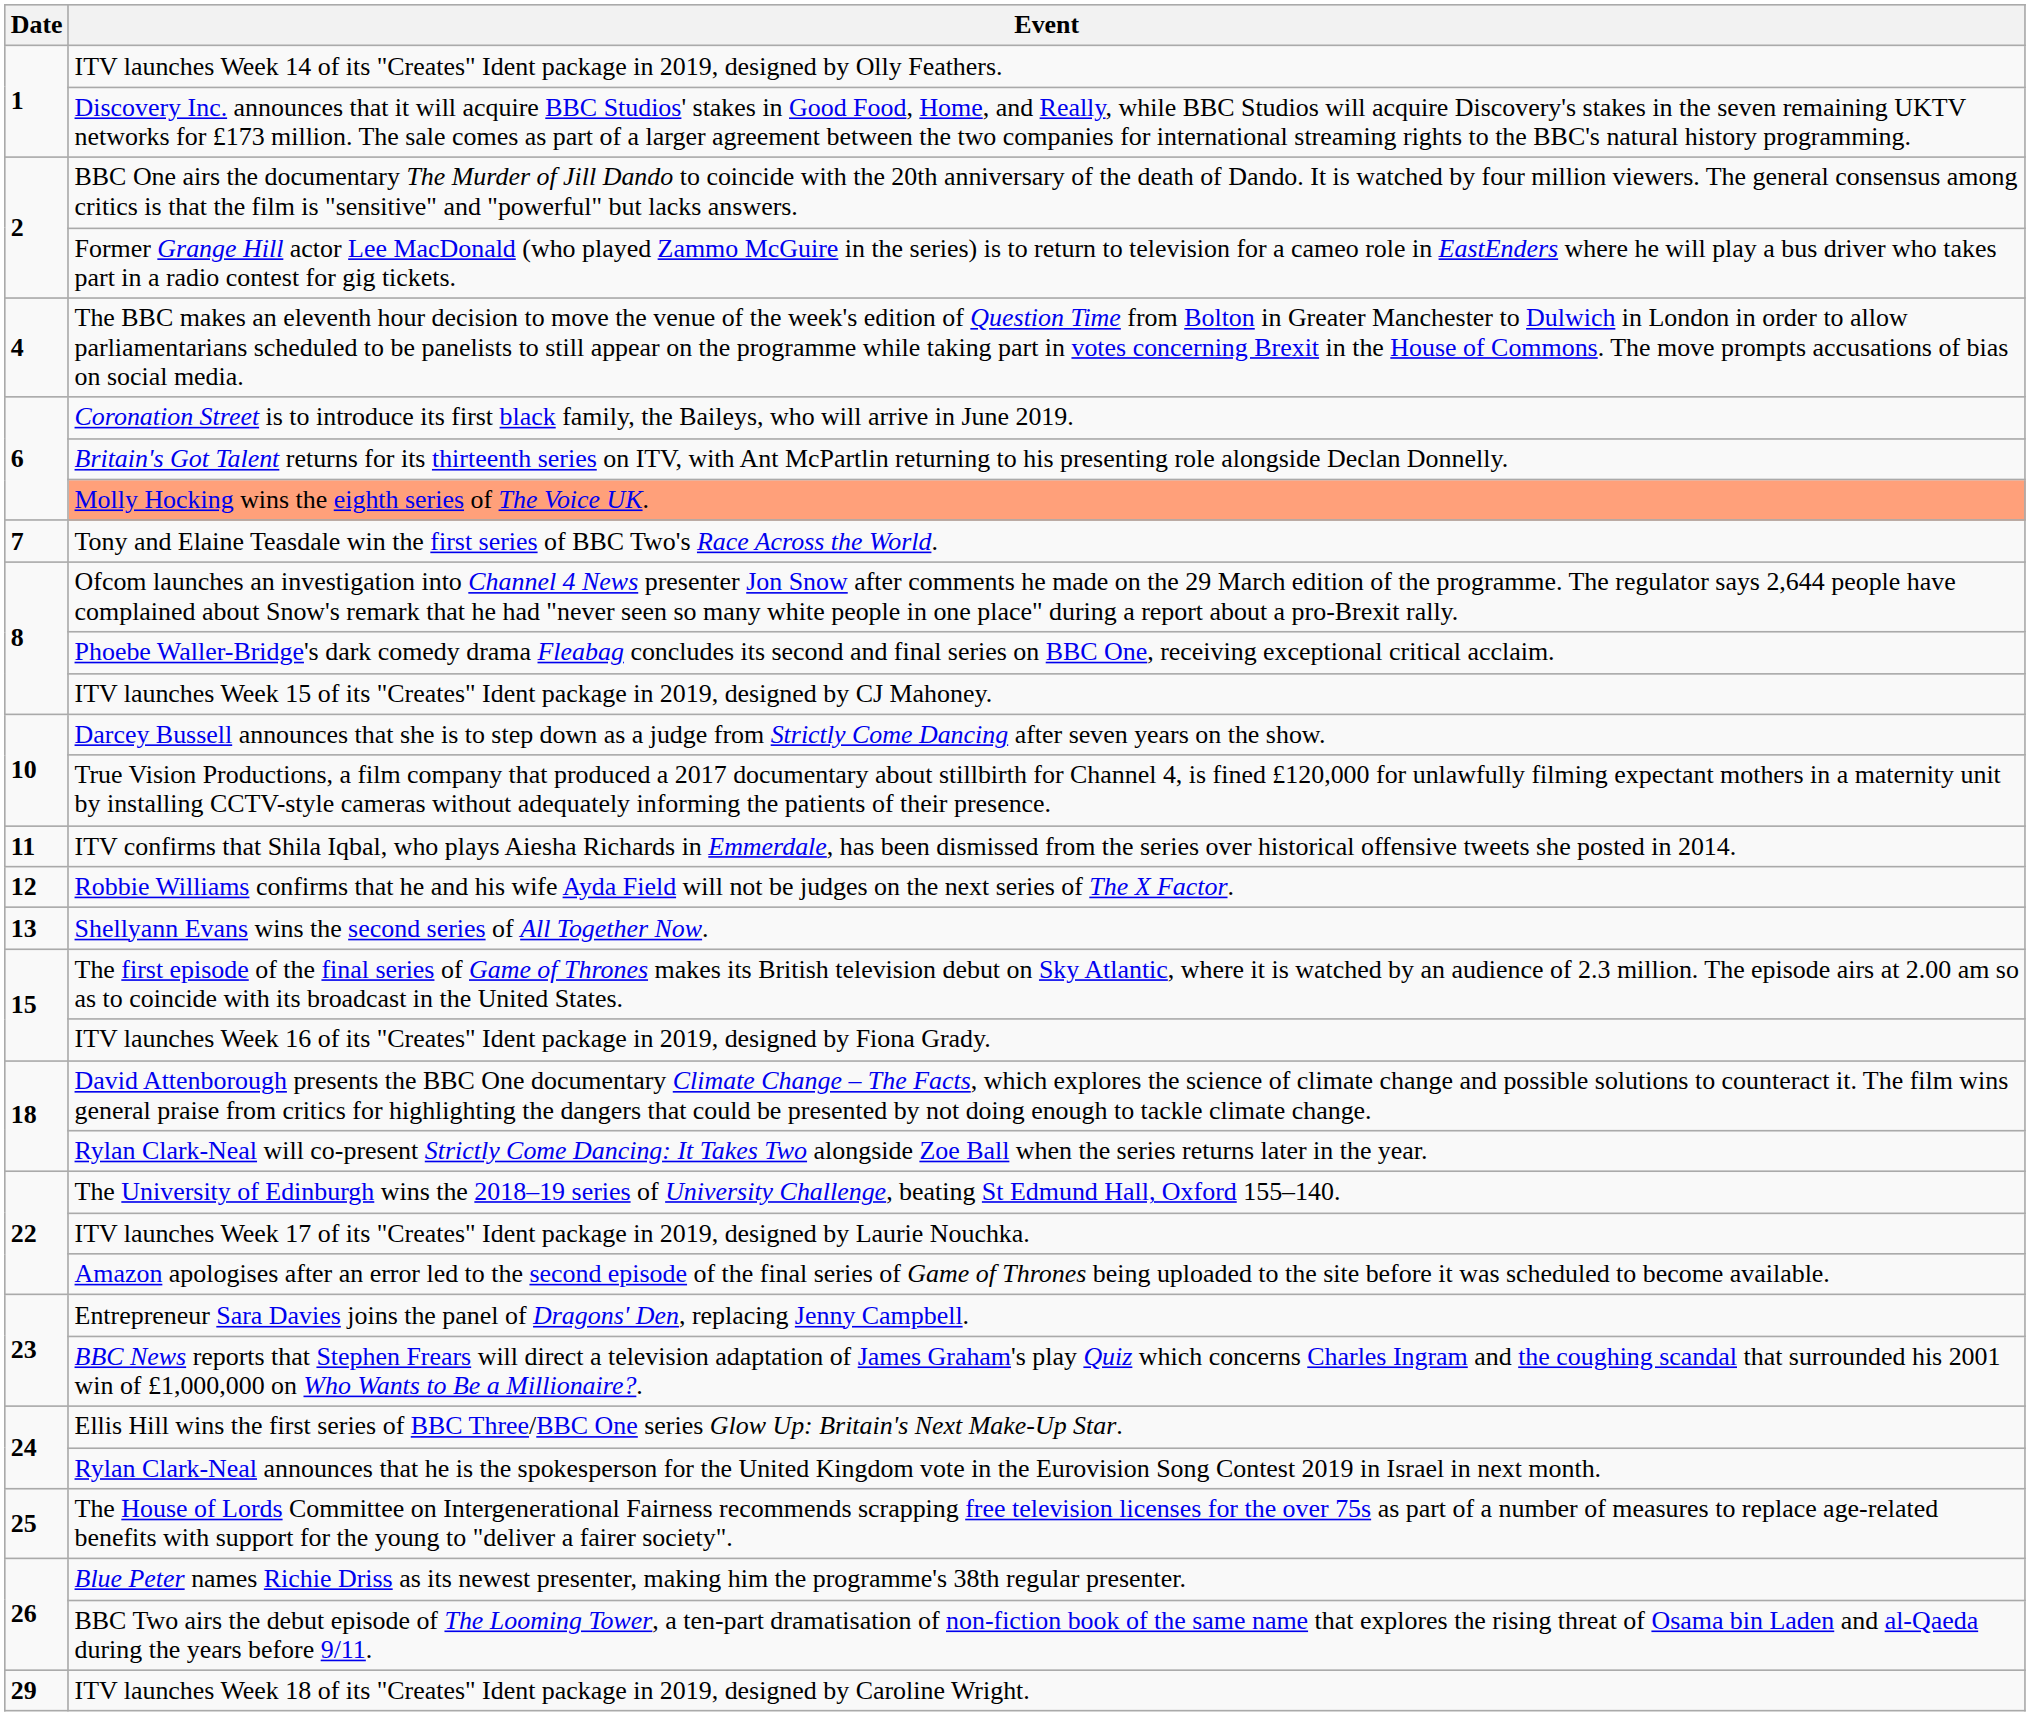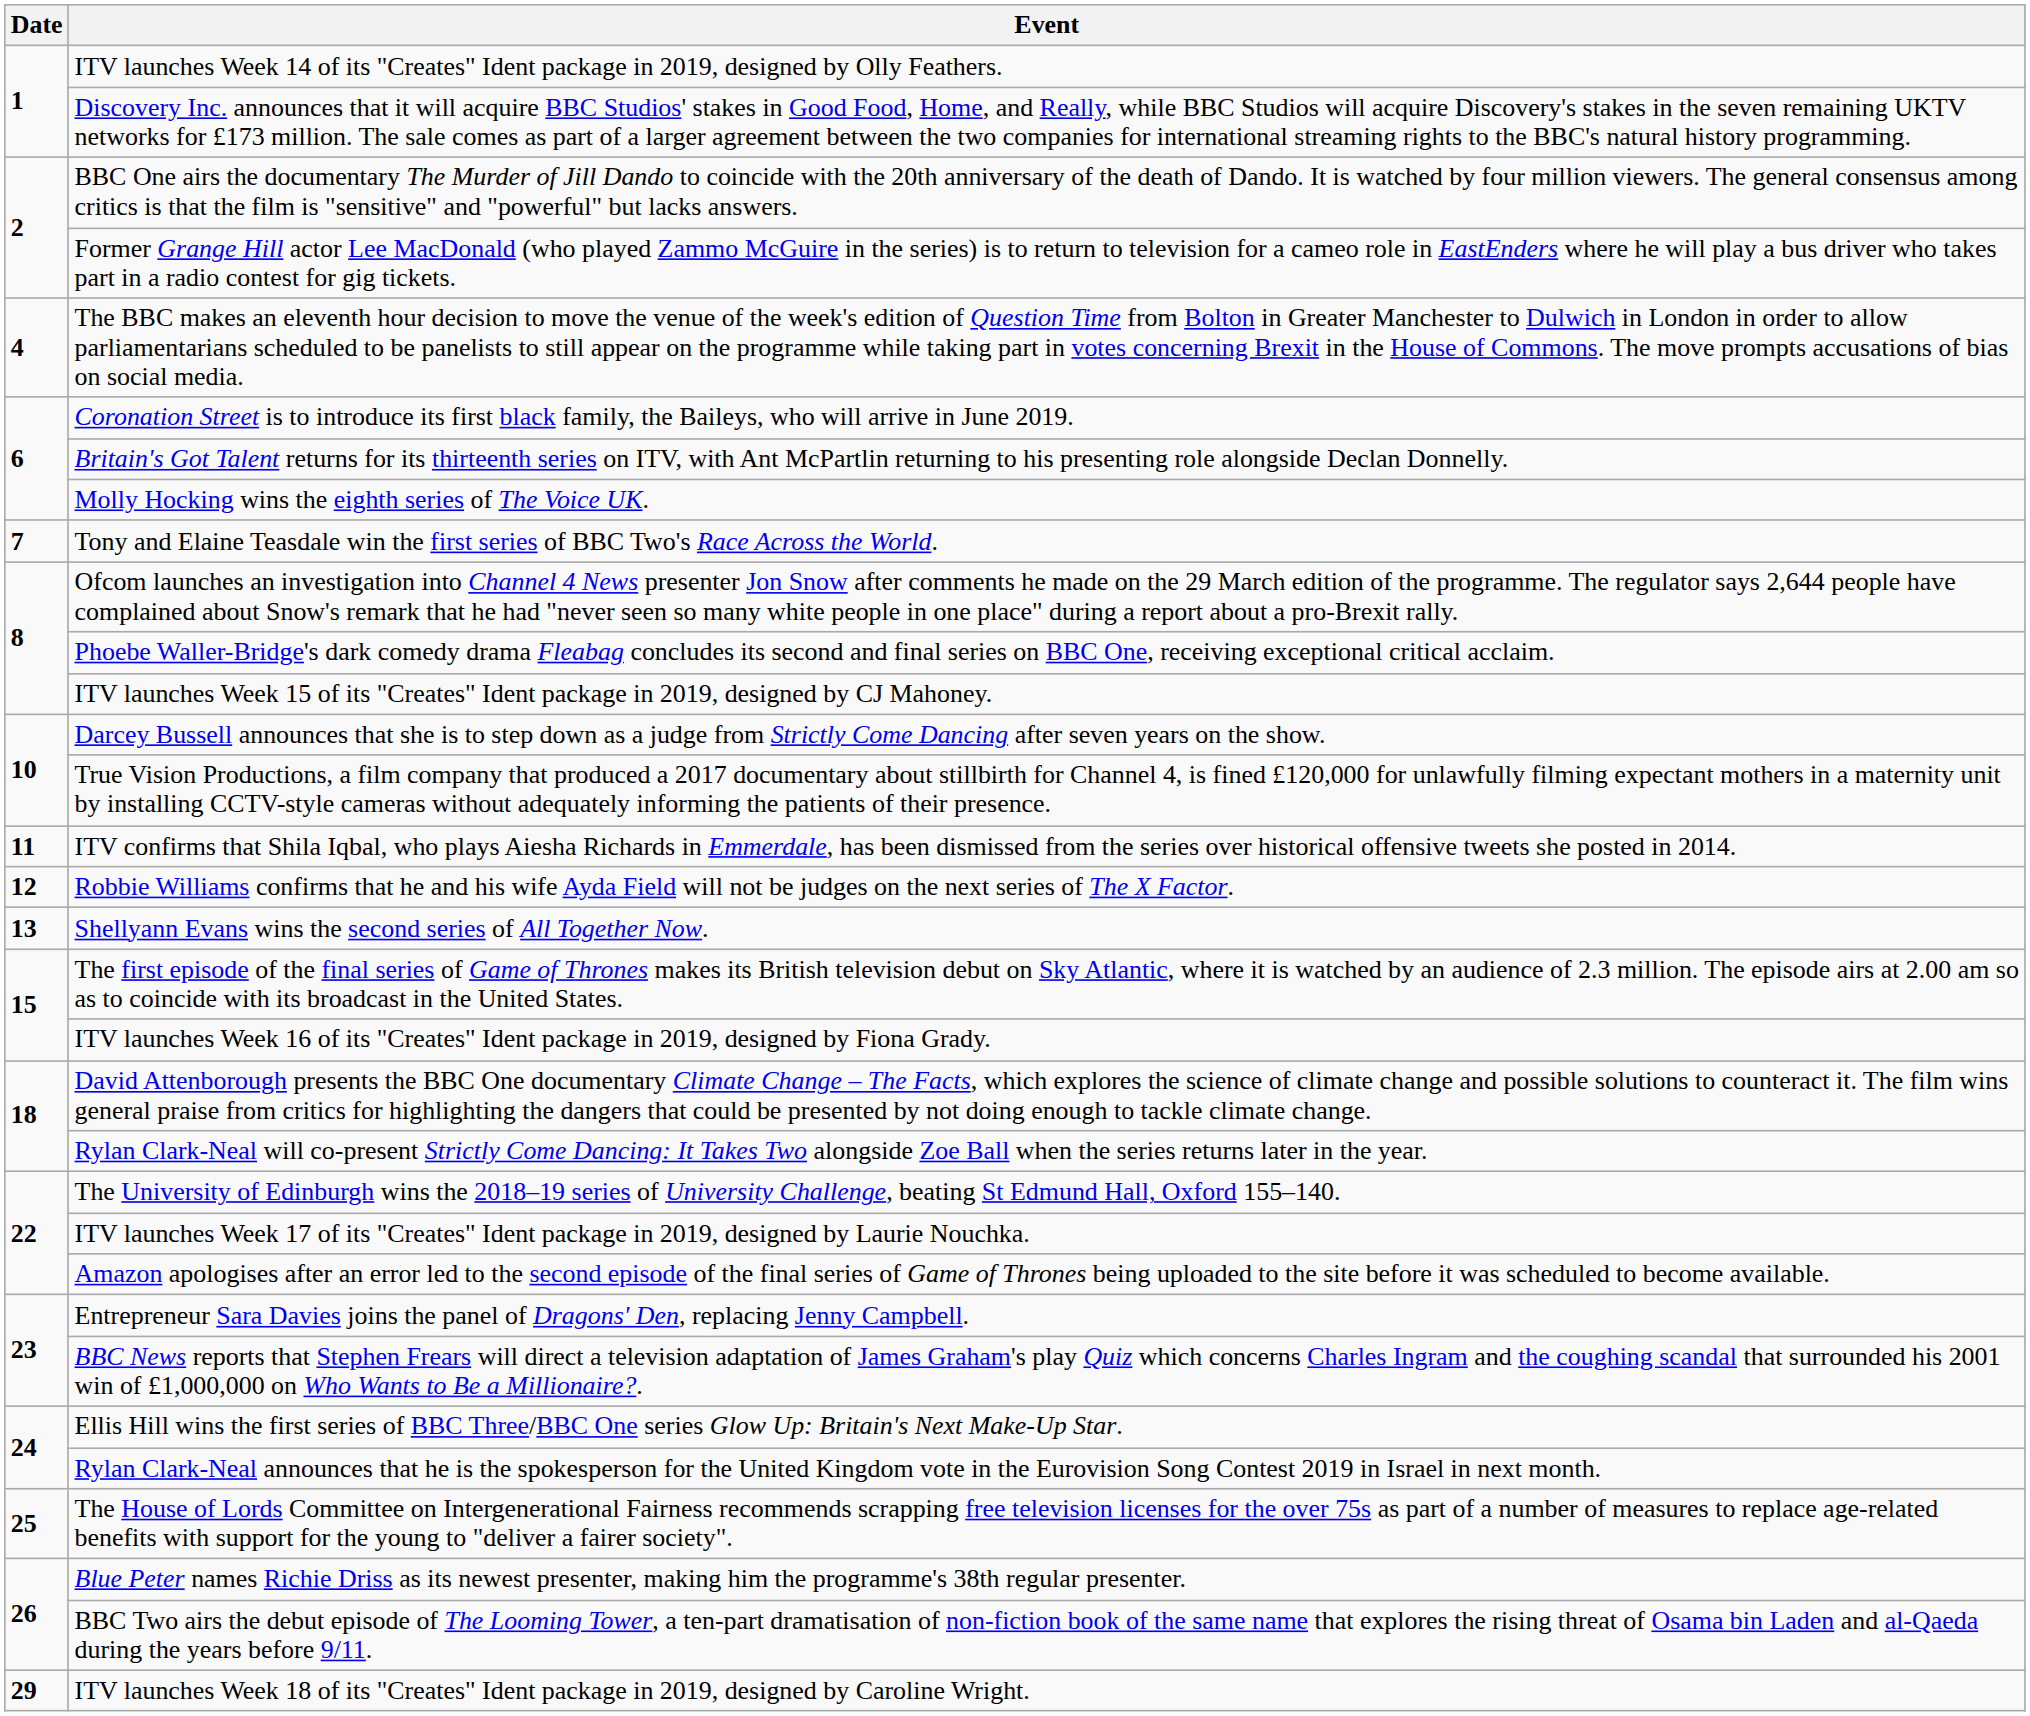 <table class="wikitable">
 <tr>
 <th>Date</th>
 <th>Event</th>
 </tr>
 <tr>
 <td rowspan="2"><strong>1</strong></td>
 <td>ITV launches Week 14 of its "Creates" Ident package in 2019, designed by Olly Feathers.</td>
 </tr>
 <tr>
 <td><a href='#'>Discovery Inc.</a> announces that it will acquire <a href='#'>BBC Studios</a>' stakes in <a href='#'>Good Food</a>, <a href='#'>Home</a>, and <a href='#'>Really</a>, while BBC Studios will acquire Discovery's stakes in the seven remaining UKTV networks for £173 million. The sale comes as part of a larger agreement between the two companies for international streaming rights to the BBC's natural history programming.</td>
 </tr>
 <tr>
 <td rowspan=2><strong>2</strong></td>
 <td>BBC One airs the documentary <em>The Murder of Jill Dando</em> to coincide with the 20th anniversary of the death of Dando. It is watched by four million viewers. The general consensus among critics is that the film is "sensitive" and "powerful" but lacks answers.</td>
 </tr>
 <tr>
 <td>Former <em><a href='#'>Grange Hill</a></em> actor <a href='#'>Lee MacDonald</a> (who played <a href='#'>Zammo McGuire</a> in the series) is to return to television for a cameo role in <em><a href='#'>EastEnders</a></em> where he will play a bus driver who takes part in a radio contest for gig tickets.</td>
 </tr>
 <tr>
 <td><strong>4</strong></td>
 <td>The BBC makes an eleventh hour decision to move the venue of the week's edition of <em><a href='#'>Question Time</a></em> from <a href='#'>Bolton</a> in Greater Manchester to <a href='#'>Dulwich</a> in London in order to allow parliamentarians scheduled to be panelists to still appear on the programme while taking part in <a href='#'>votes concerning Brexit</a> in the <a href='#'>House of Commons</a>. The move prompts accusations of bias on social media.</td>
 </tr>
 <tr>
 <td rowspan="3"><strong>6</strong></td>
 <td><em><a href='#'>Coronation Street</a></em> is to introduce its first <a href='#'>black</a> family, the Baileys, who will arrive in June 2019.</td>
 </tr>
 <tr>
 <td><em><a href='#'>Britain's Got Talent</a></em> returns for its <a href='#'>thirteenth series</a> on ITV, with Ant McPartlin returning to his presenting role alongside Declan Donnelly.</td>
 </tr>
 <tr>
-<td style="background: lightsalmon;"><a href='#'>Molly Hocking</a> wins the <a href='#'>eighth series</a> of <em><a href='#'>The Voice UK</a></em>.</td>
+<td><a href='#'>Molly Hocking</a> wins the <a href='#'>eighth series</a> of <em><a href='#'>The Voice UK</a></em>.</td>
 </tr>
 <tr>
 <td><strong>7</strong></td>
 <td>Tony and Elaine Teasdale win the <a href='#'>first series</a> of BBC Two's <em><a href='#'>Race Across the World</a></em>.</td>
 </tr>
 <tr>
 <td rowspan=3><strong>8</strong></td>
 <td>Ofcom launches an investigation into <em><a href='#'>Channel 4 News</a></em> presenter <a href='#'>Jon Snow</a> after comments he made on the 29 March edition of the programme. The regulator says 2,644 people have complained about Snow's remark that he had "never seen so many white people in one place" during a report about a pro-Brexit rally.</td>
 </tr>
 <tr>
 <td><a href='#'>Phoebe Waller-Bridge</a>'s dark comedy drama <em><a href='#'>Fleabag</a></em> concludes its second and final series on <a href='#'>BBC One</a>, receiving exceptional critical acclaim.</td>
 </tr>
 <tr>
 <td>ITV launches Week 15 of its "Creates" Ident package in 2019, designed by CJ Mahoney.</td>
 </tr>
 <tr>
 <td rowspan=2><strong>10</strong></td>
 <td><a href='#'>Darcey Bussell</a> announces that she is to step down as a judge from <em><a href='#'>Strictly Come Dancing</a></em> after seven years on the show.</td>
 </tr>
 <tr>
 <td>True Vision Productions, a film company that produced a 2017 documentary about stillbirth for Channel 4, is fined £120,000 for unlawfully filming expectant mothers in a maternity unit by installing CCTV-style cameras without adequately informing the patients of their presence.</td>
 </tr>
 <tr>
 <td><strong>11</strong></td>
 <td>ITV confirms that Shila Iqbal, who plays Aiesha Richards in <em><a href='#'>Emmerdale</a></em>, has been dismissed from the series over historical offensive tweets she posted in 2014.</td>
 </tr>
 <tr>
 <td><strong>12</strong></td>
 <td><a href='#'>Robbie Williams</a> confirms that he and his wife <a href='#'>Ayda Field</a> will not be judges on the next series of <em><a href='#'>The X Factor</a></em>.</td>
 </tr>
 <tr>
 <td><strong>13</strong></td>
 <td><a href='#'>Shellyann Evans</a> wins the <a href='#'>second series</a> of <em><a href='#'>All Together Now</a></em>.</td>
 </tr>
 <tr>
 <td rowspan=2><strong>15</strong></td>
 <td>The <a href='#'>first episode</a> of the <a href='#'>final series</a> of <em><a href='#'>Game of Thrones</a></em> makes its British television debut on <a href='#'>Sky Atlantic</a>, where it is watched by an audience of 2.3 million. The episode airs at 2.00 am so as to coincide with its broadcast in the United States.</td>
 </tr>
 <tr>
 <td>ITV launches Week 16 of its "Creates" Ident package in 2019, designed by Fiona Grady.</td>
 </tr>
 <tr>
 <td rowspan=2><strong>18</strong></td>
 <td><a href='#'>David Attenborough</a> presents the BBC One documentary <em><a href='#'>Climate Change – The Facts</a></em>, which explores the science of climate change and possible solutions to counteract it. The film wins general praise from critics for highlighting the dangers that could be presented by not doing enough to tackle climate change.</td>
 </tr>
 <tr>
 <td><a href='#'>Rylan Clark-Neal</a> will co-present <em><a href='#'>Strictly Come Dancing: It Takes Two</a></em> alongside <a href='#'>Zoe Ball</a> when the series returns later in the year.</td>
 </tr>
 <tr>
 <td rowspan=3><strong>22</strong></td>
 <td>The <a href='#'>University of Edinburgh</a> wins the <a href='#'>2018–19 series</a> of <em><a href='#'>University Challenge</a></em>, beating <a href='#'>St Edmund Hall, Oxford</a> 155–140.</td>
 </tr>
 <tr>
 <td>ITV launches Week 17 of its "Creates" Ident package in 2019, designed by Laurie Nouchka.</td>
 </tr>
 <tr>
 <td><a href='#'>Amazon</a> apologises after an error led to the <a href='#'>second episode</a> of the final series of <em>Game of Thrones</em> being uploaded to the site before it was scheduled to become available.</td>
 </tr>
 <tr>
 <td rowspan=2><strong>23</strong></td>
 <td>Entrepreneur <a href='#'>Sara Davies</a> joins the panel of <em><a href='#'>Dragons' Den</a></em>, replacing <a href='#'>Jenny Campbell</a>.</td>
 </tr>
 <tr>
 <td><em><a href='#'>BBC News</a></em> reports that <a href='#'>Stephen Frears</a> will direct a television adaptation of <a href='#'>James Graham</a>'s play <em><a href='#'>Quiz</a></em> which concerns <a href='#'>Charles Ingram</a> and <a href='#'>the coughing scandal</a> that surrounded his 2001 win of £1,000,000 on <em><a href='#'>Who Wants to Be a Millionaire?</a></em>.</td>
 </tr>
 <tr>
 <td rowspan=2><strong>24</strong></td>
 <td>Ellis Hill wins the first series of <a href='#'>BBC Three</a>/<a href='#'>BBC One</a> series <em>Glow Up: Britain's Next Make-Up Star</em>.</td>
 </tr>
 <tr>
 <td><a href='#'>Rylan Clark-Neal</a> announces that he is the spokesperson for the United Kingdom vote in the Eurovision Song Contest 2019 in Israel in next month.</td>
 </tr>
 <tr>
 <td><strong>25</strong></td>
 <td>The <a href='#'>House of Lords</a> Committee on Intergenerational Fairness recommends scrapping <a href='#'>free television licenses for the over 75s</a> as part of a number of measures to replace age-related benefits with support for the young to "deliver a fairer society".</td>
 </tr>
 <tr>
 <td rowspan=2><strong>26</strong></td>
 <td><em><a href='#'>Blue Peter</a></em> names <a href='#'>Richie Driss</a> as its newest presenter, making him the programme's 38th regular presenter.</td>
 </tr>
 <tr>
 <td>BBC Two airs the debut episode of <em><a href='#'>The Looming Tower</a></em>, a ten-part dramatisation of <a href='#'>non-fiction book of the same name</a> that explores the rising threat of <a href='#'>Osama bin Laden</a> and <a href='#'>al-Qaeda</a> during the years before <a href='#'>9/11</a>.</td>
 </tr>
 <tr>
 <td><strong>29</strong></td>
 <td>ITV launches Week 18 of its "Creates" Ident package in 2019, designed by Caroline Wright.</td>
 </tr>
 </table>
